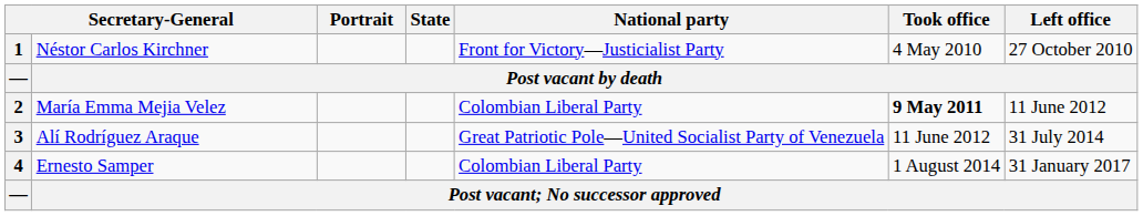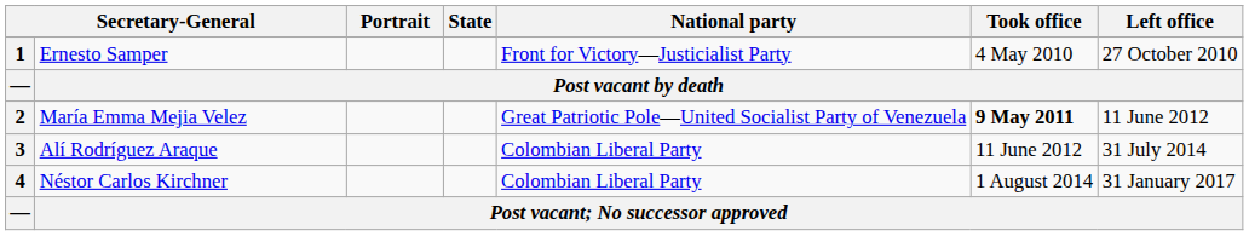 <table class="wikitable">
 <tr>
 <th width=250px colspan=2>Secretary-General</th>
 <th width=70px>Portrait</th>
 <th>State</th>
 <th>National party</th>
 <th>Took office</th>
 <th>Left office</th>
 </tr>
 <tr>
 <th rowspan=1 width=10px style="background-color: ">1</th>
-<td rowspan=1 width=240px><a href='#'>Néstor Carlos Kirchner</a></td>
+<td rowspan=1 width=240px><a href='#'>Ernesto Samper</a></td>
 <td rowspan=1></td>
 <td></td>
 <td><a href='#'>Front for Victory</a>—<a href='#'>Justicialist Party</a></td>
 <td>4 May 2010</td>
 <td>27 October 2010</td>
 </tr>
 <tr>
 <th rowspan=1 width=10px style="background-color: ">—</th>
 <th colspan=6><em>Post vacant by death</em></th>
 </tr>
 <tr>
 <th rowspan=1 width=10px style="background-color: ">2</th>
 <td rowspan=1 width=240px><a href='#'>María Emma Mejia Velez</a></td>
 <td rowspan=1></td>
 <td></td>
-<td><a href='#'>Colombian Liberal Party</a></td>
+<td><a href='#'>Great Patriotic Pole</a>—<a href='#'>United Socialist Party of Venezuela</a></td>
 <td><strong>9 May 2011</strong></td>
 <td>11 June 2012</td>
 </tr>
 <tr>
 <th rowspan=1 width=10px style="background-color: ">3</th>
 <td rowspan=1 width=240px><a href='#'>Alí Rodríguez Araque</a></td>
 <td rowspan=1></td>
 <td></td>
-<td><a href='#'>Great Patriotic Pole</a>—<a href='#'>United Socialist Party of Venezuela</a></td>
+<td><a href='#'>Colombian Liberal Party</a></td>
 <td>11 June 2012</td>
 <td>31 July 2014</td>
 </tr>
 <tr>
 <th rowspan=1 width=10px style="background-color: ">4</th>
-<td rowspan=1 width=240px><a href='#'>Ernesto Samper</a></td>
+<td rowspan=1 width=240px><a href='#'>Néstor Carlos Kirchner</a></td>
 <td rowspan=1></td>
 <td></td>
 <td><a href='#'>Colombian Liberal Party</a></td>
 <td>1 August 2014</td>
 <td>31 January 2017</td>
 </tr>
 <tr>
 <th rowspan="1">—</th>
 <th colspan="6"><em>Post vacant; No successor approved</em></th>
 </tr>
 </table>
